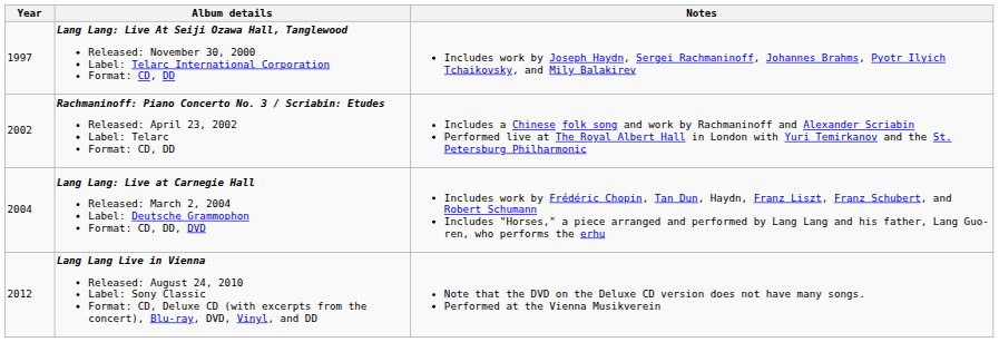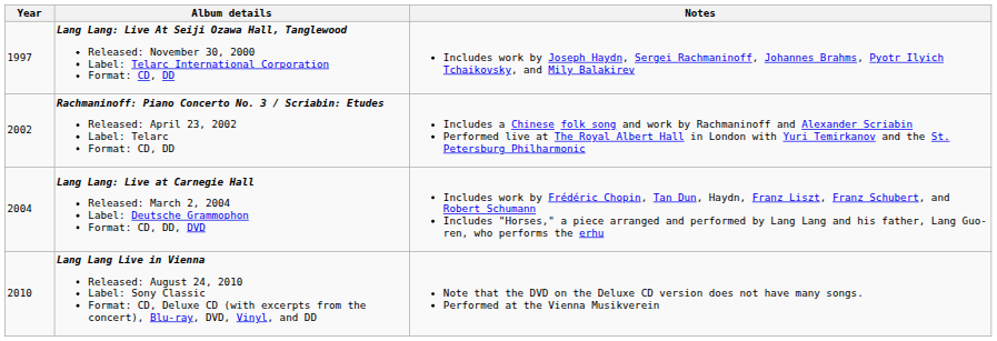 <table class="wikitable sortable" border="1">
 <tr>
 <th width="5%">Year</th>
 <th width="36%">Album details</th>
 <th width="59%" class="unsortable">Notes</th>
 </tr>
 <tr>
 <td>1997</td>
 <td><strong><em>Lang Lang: Live At Seiji Ozawa Hall, Tanglewood</em></strong><br><ul><li>Released: November 30, 2000</li><li>Label: <a href='#'>Telarc International Corporation</a></li><li>Format: <a href='#'>CD</a>, <a href='#'>DD</a></li></ul></td>
 <td><br><ul><li>Includes work by <a href='#'>Joseph Haydn</a>, <a href='#'>Sergei Rachmaninoff</a>, <a href='#'>Johannes Brahms</a>, <a href='#'>Pyotr Ilyich Tchaikovsky</a>, and <a href='#'>Mily Balakirev</a></li></ul></td>
 </tr>
 <tr>
 <td>2002</td>
 <td><strong><em>Rachmaninoff: Piano Concerto No. 3 / Scriabin: Etudes</em></strong><br><ul><li>Released: April 23, 2002</li><li>Label: Telarc</li><li>Format: CD, DD</li></ul></td>
 <td><br><ul><li>Includes a <a href='#'>Chinese</a> <a href='#'>folk song</a> and work by Rachmaninoff and <a href='#'>Alexander Scriabin</a></li><li>Performed live at <a href='#'>The Royal Albert Hall</a> in London with <a href='#'>Yuri Temirkanov</a> and the <a href='#'>St. Petersburg Philharmonic</a></li></ul></td>
 </tr>
 <tr>
 <td>2004</td>
 <td><strong><em>Lang Lang: Live at Carnegie Hall</em></strong><br><ul><li>Released: March 2, 2004</li><li>Label: <a href='#'>Deutsche Grammophon</a></li><li>Format: CD, DD, <a href='#'>DVD</a></li></ul></td>
 <td><br><ul><li>Includes work by <a href='#'>Frédéric Chopin</a>, <a href='#'>Tan Dun</a>, Haydn, <a href='#'>Franz Liszt</a>, <a href='#'>Franz Schubert</a>, and <a href='#'>Robert Schumann</a></li><li>Includes "Horses," a piece arranged and performed by Lang Lang and his father, Lang Guo-ren, who performs the <a href='#'>erhu</a></li></ul></td>
 </tr>
 <tr>
-<td>2012</td>
+<td>2010</td>
 <td><strong><em>Lang Lang Live in Vienna</em></strong><br><ul><li>Released: August 24, 2010</li><li>Label: Sony Classic</li><li>Format: CD, Deluxe CD (with excerpts from the concert), <a href='#'>Blu-ray</a>, DVD, <a href='#'>Vinyl</a>, and DD</li></ul></td>
 <td><br><ul><li>Note that the DVD on the Deluxe CD version does not have many songs.</li><li>Performed at the Vienna Musikverein</li></ul></td>
 </tr>
 </table>
